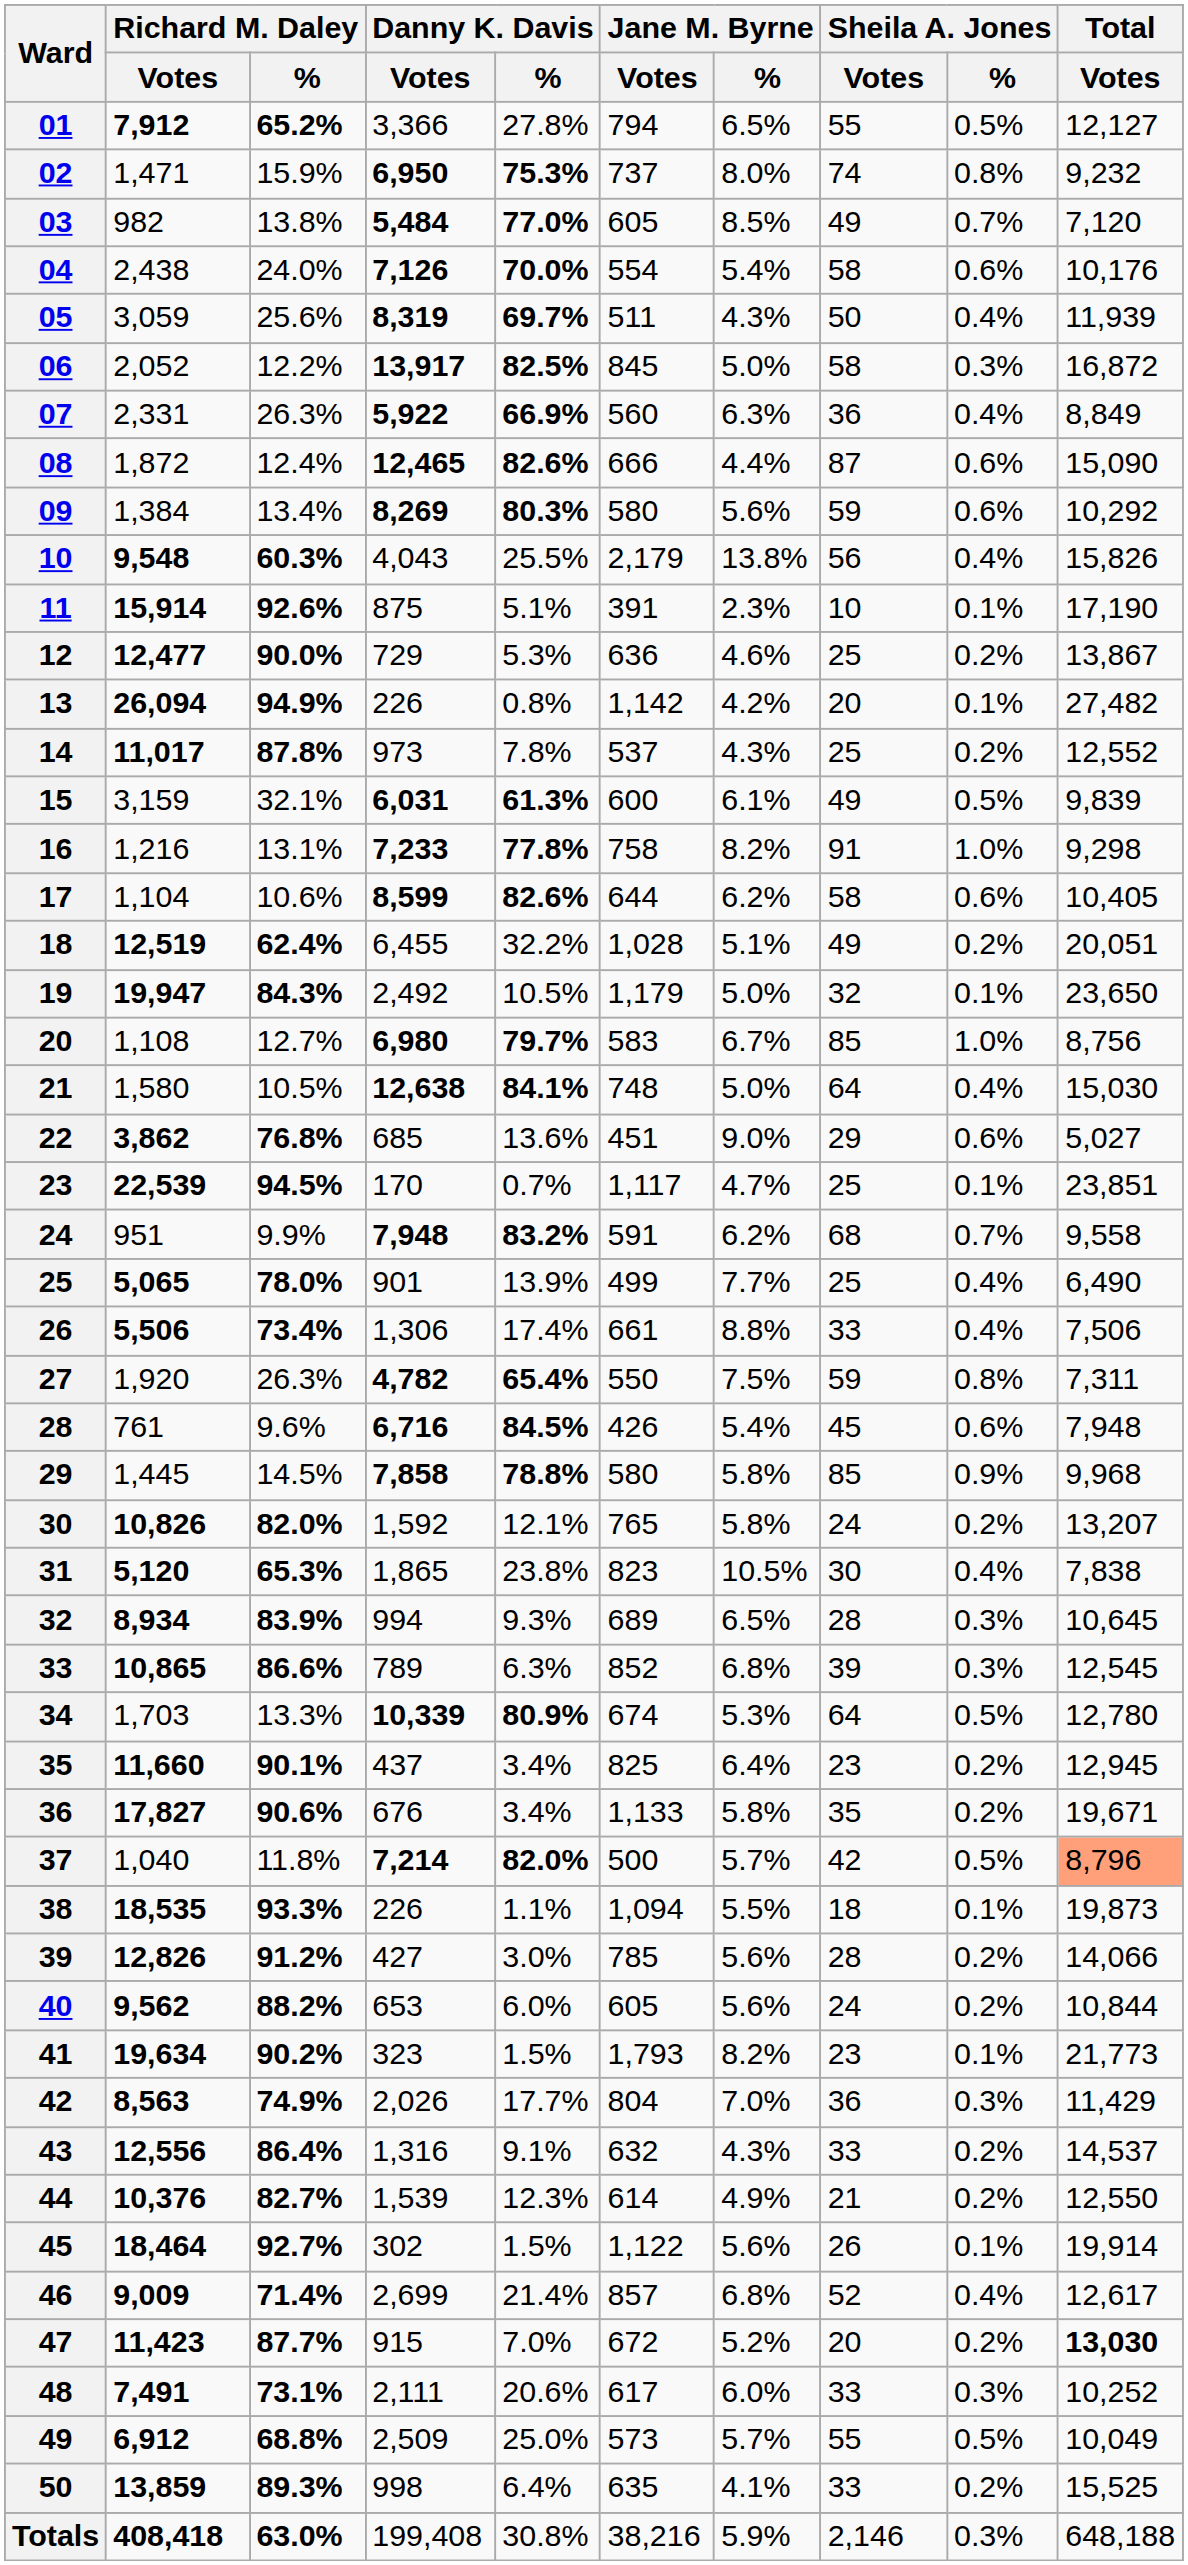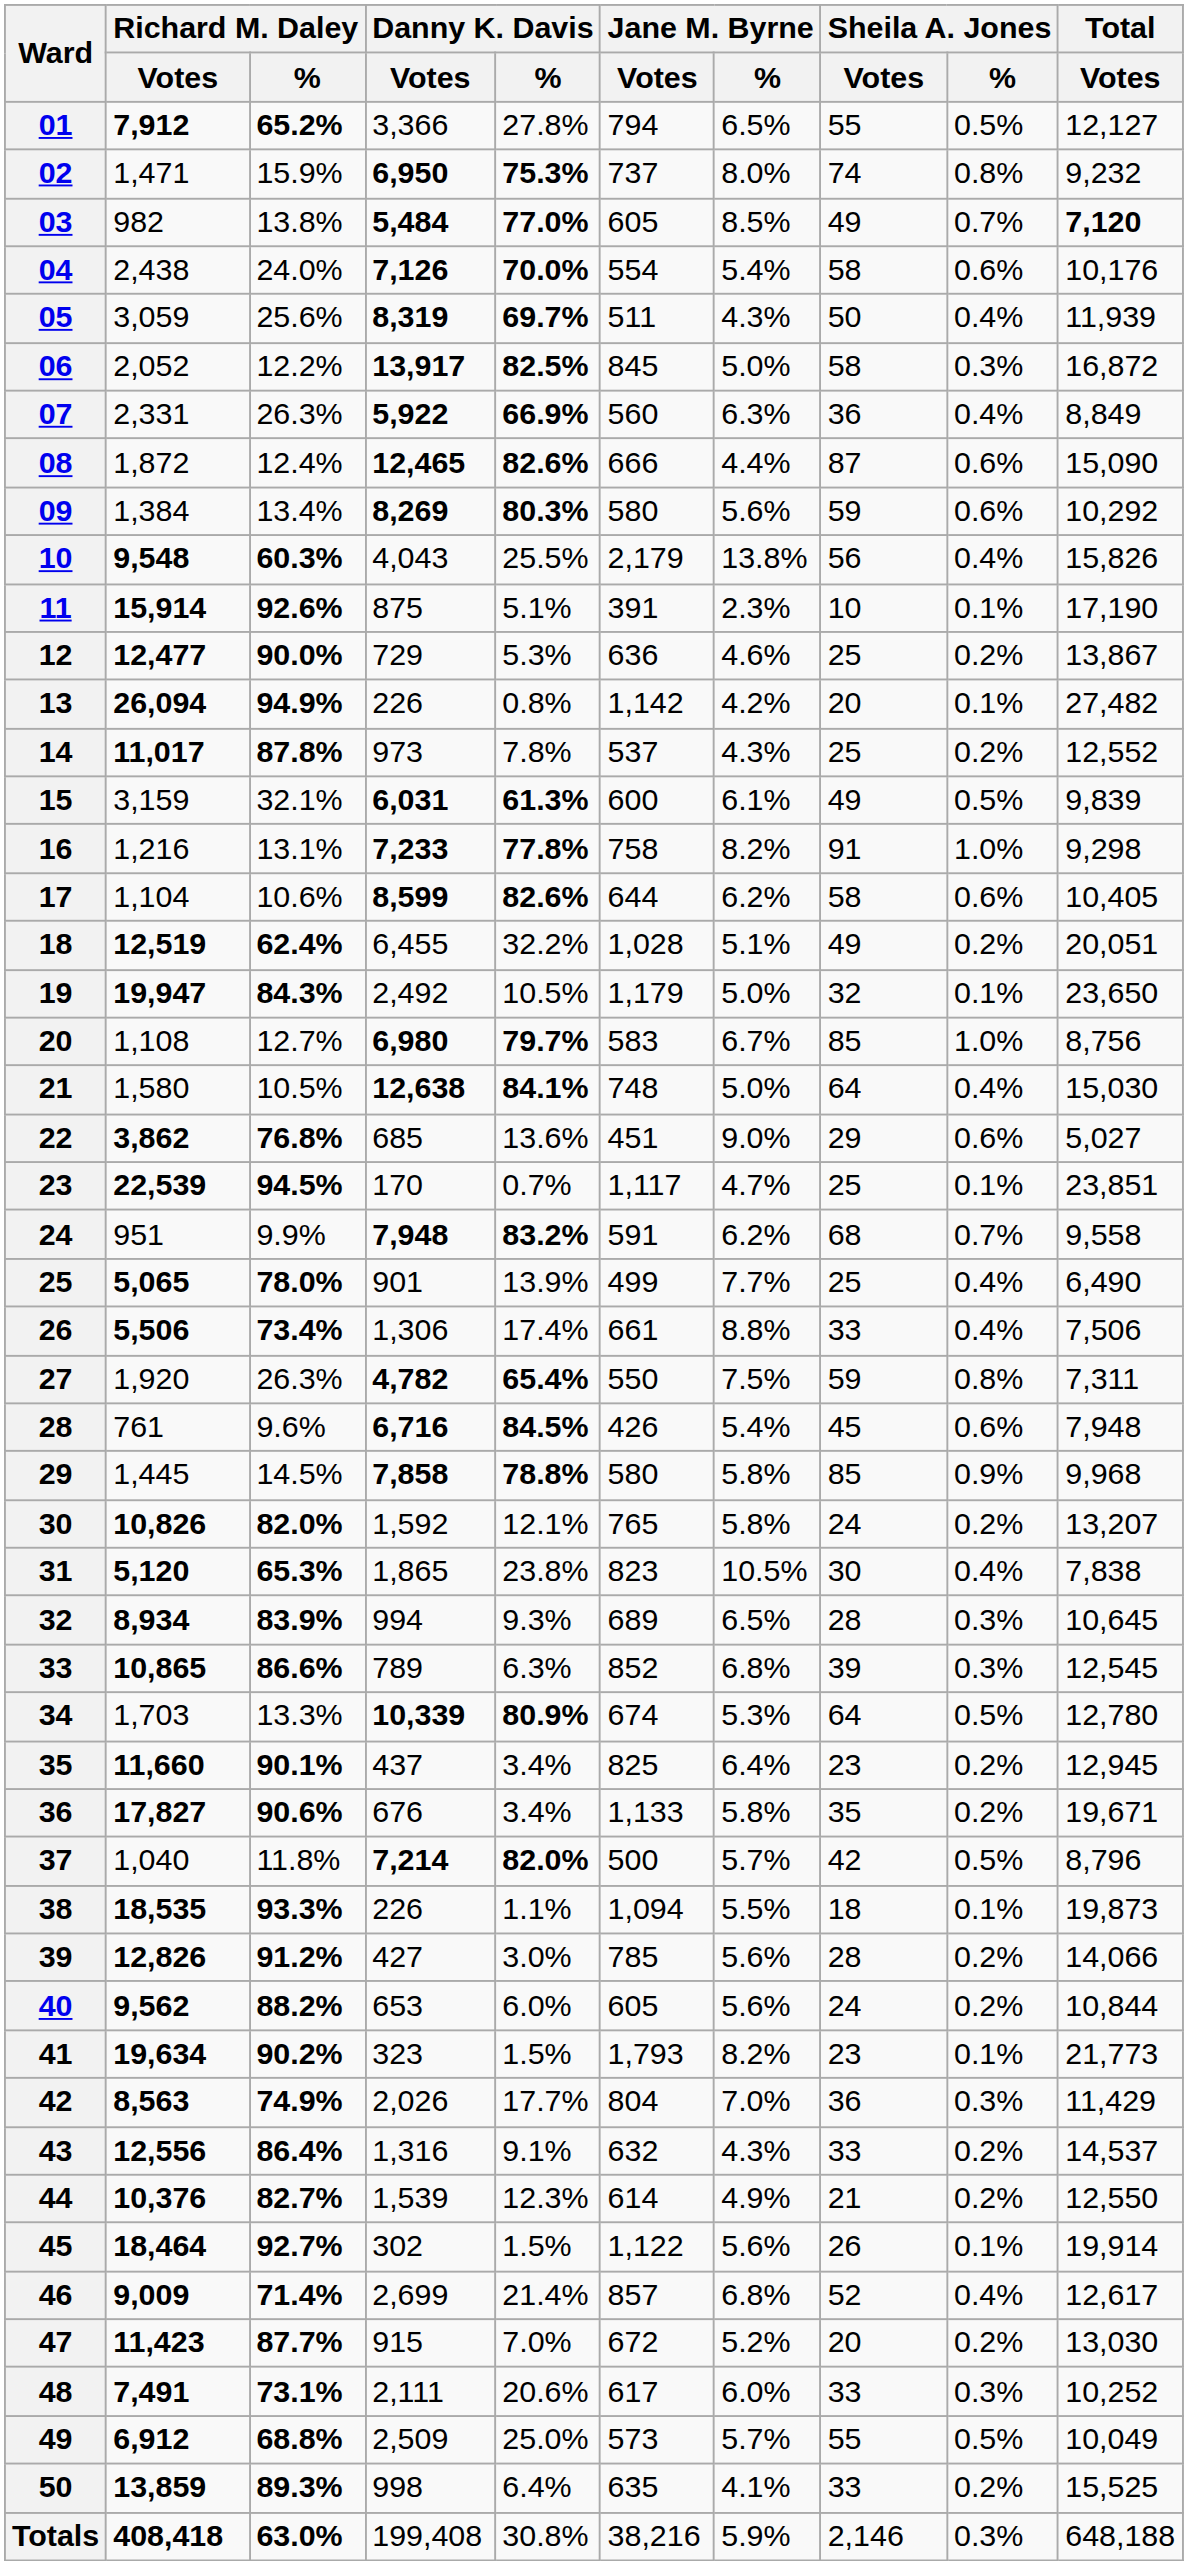 <table class="wikitable collapsible collapsed sortable">
 <tr>
 <th rowspan=2>Ward</th>
 <th colspan=2>Richard M. Daley</th>
 <th colspan=2>Danny K. Davis</th>
 <th colspan=2>Jane M. Byrne</th>
 <th colspan=2>Sheila A. Jones</th>
 <th>Total</th>
 </tr>
 <tr>
 <th>Votes</th>
 <th>%</th>
 <th>Votes</th>
 <th>%</th>
 <th>Votes</th>
 <th>%</th>
 <th>Votes</th>
 <th>%</th>
 <th>Votes</th>
 </tr>
 <tr>
 <th><a href='#'>01</a></th>
 <td><strong>7,912</strong></td>
 <td><strong>65.2%</strong></td>
 <td>3,366</td>
 <td>27.8%</td>
 <td>794</td>
 <td>6.5%</td>
 <td>55</td>
 <td>0.5%</td>
 <td>12,127</td>
 </tr>
 <tr>
 <th><a href='#'>02</a></th>
 <td>1,471</td>
 <td>15.9%</td>
 <td><strong>6,950</strong></td>
 <td><strong>75.3%</strong></td>
 <td>737</td>
 <td>8.0%</td>
 <td>74</td>
 <td>0.8%</td>
 <td>9,232</td>
 </tr>
 <tr>
 <th><a href='#'>03</a></th>
 <td>982</td>
 <td>13.8%</td>
 <td><strong>5,484</strong></td>
 <td><strong>77.0%</strong></td>
 <td>605</td>
 <td>8.5%</td>
 <td>49</td>
 <td>0.7%</td>
-<td>7,120</td>
+<td><strong>7,120</strong></td>
 </tr>
 <tr>
 <th><a href='#'>04</a></th>
 <td>2,438</td>
 <td>24.0%</td>
 <td><strong>7,126</strong></td>
 <td><strong>70.0%</strong></td>
 <td>554</td>
 <td>5.4%</td>
 <td>58</td>
 <td>0.6%</td>
 <td>10,176</td>
 </tr>
 <tr>
 <th><a href='#'>05</a></th>
 <td>3,059</td>
 <td>25.6%</td>
 <td><strong>8,319</strong></td>
 <td><strong>69.7%</strong></td>
 <td>511</td>
 <td>4.3%</td>
 <td>50</td>
 <td>0.4%</td>
 <td>11,939</td>
 </tr>
 <tr>
 <th><a href='#'>06</a></th>
 <td>2,052</td>
 <td>12.2%</td>
 <td><strong>13,917</strong></td>
 <td><strong>82.5%</strong></td>
 <td>845</td>
 <td>5.0%</td>
 <td>58</td>
 <td>0.3%</td>
 <td>16,872</td>
 </tr>
 <tr>
 <th><a href='#'>07</a></th>
 <td>2,331</td>
 <td>26.3%</td>
 <td><strong>5,922</strong></td>
 <td><strong>66.9%</strong></td>
 <td>560</td>
 <td>6.3%</td>
 <td>36</td>
 <td>0.4%</td>
 <td>8,849</td>
 </tr>
 <tr>
 <th><a href='#'>08</a></th>
 <td>1,872</td>
 <td>12.4%</td>
 <td><strong>12,465</strong></td>
 <td><strong>82.6%</strong></td>
 <td>666</td>
 <td>4.4%</td>
 <td>87</td>
 <td>0.6%</td>
 <td>15,090</td>
 </tr>
 <tr>
 <th><a href='#'>09</a></th>
 <td>1,384</td>
 <td>13.4%</td>
 <td><strong>8,269</strong></td>
 <td><strong>80.3%</strong></td>
 <td>580</td>
 <td>5.6%</td>
 <td>59</td>
 <td>0.6%</td>
 <td>10,292</td>
 </tr>
 <tr>
 <th><a href='#'>10</a></th>
 <td><strong>9,548</strong></td>
 <td><strong>60.3%</strong></td>
 <td>4,043</td>
 <td>25.5%</td>
 <td>2,179</td>
 <td>13.8%</td>
 <td>56</td>
 <td>0.4%</td>
 <td>15,826</td>
 </tr>
 <tr>
 <th><a href='#'>11</a></th>
 <td><strong>15,914</strong></td>
 <td><strong>92.6%</strong></td>
 <td>875</td>
 <td>5.1%</td>
 <td>391</td>
 <td>2.3%</td>
 <td>10</td>
 <td>0.1%</td>
 <td>17,190</td>
 </tr>
 <tr>
 <th>12</th>
 <td><strong>12,477</strong></td>
 <td><strong>90.0%</strong></td>
 <td>729</td>
 <td>5.3%</td>
 <td>636</td>
 <td>4.6%</td>
 <td>25</td>
 <td>0.2%</td>
 <td>13,867</td>
 </tr>
 <tr>
 <th>13</th>
 <td><strong>26,094</strong></td>
 <td><strong>94.9%</strong></td>
 <td>226</td>
 <td>0.8%</td>
 <td>1,142</td>
 <td>4.2%</td>
 <td>20</td>
 <td>0.1%</td>
 <td>27,482</td>
 </tr>
 <tr>
 <th>14</th>
 <td><strong>11,017</strong></td>
 <td><strong>87.8%</strong></td>
 <td>973</td>
 <td>7.8%</td>
 <td>537</td>
 <td>4.3%</td>
 <td>25</td>
 <td>0.2%</td>
 <td>12,552</td>
 </tr>
 <tr>
 <th>15</th>
 <td>3,159</td>
 <td>32.1%</td>
 <td><strong>6,031</strong></td>
 <td><strong>61.3%</strong></td>
 <td>600</td>
 <td>6.1%</td>
 <td>49</td>
 <td>0.5%</td>
 <td>9,839</td>
 </tr>
 <tr>
 <th>16</th>
 <td>1,216</td>
 <td>13.1%</td>
 <td><strong>7,233</strong></td>
 <td><strong>77.8%</strong></td>
 <td>758</td>
 <td>8.2%</td>
 <td>91</td>
 <td>1.0%</td>
 <td>9,298</td>
 </tr>
 <tr>
 <th>17</th>
 <td>1,104</td>
 <td>10.6%</td>
 <td><strong>8,599</strong></td>
 <td><strong>82.6%</strong></td>
 <td>644</td>
 <td>6.2%</td>
 <td>58</td>
 <td>0.6%</td>
 <td>10,405</td>
 </tr>
 <tr>
 <th>18</th>
 <td><strong>12,519</strong></td>
 <td><strong>62.4%</strong></td>
 <td>6,455</td>
 <td>32.2%</td>
 <td>1,028</td>
 <td>5.1%</td>
 <td>49</td>
 <td>0.2%</td>
 <td>20,051</td>
 </tr>
 <tr>
 <th>19</th>
 <td><strong>19,947</strong></td>
 <td><strong>84.3%</strong></td>
 <td>2,492</td>
 <td>10.5%</td>
 <td>1,179</td>
 <td>5.0%</td>
 <td>32</td>
 <td>0.1%</td>
 <td>23,650</td>
 </tr>
 <tr>
 <th>20</th>
 <td>1,108</td>
 <td>12.7%</td>
 <td><strong>6,980</strong></td>
 <td><strong>79.7%</strong></td>
 <td>583</td>
 <td>6.7%</td>
 <td>85</td>
 <td>1.0%</td>
 <td>8,756</td>
 </tr>
 <tr>
 <th>21</th>
 <td>1,580</td>
 <td>10.5%</td>
 <td><strong>12,638</strong></td>
 <td><strong>84.1%</strong></td>
 <td>748</td>
 <td>5.0%</td>
 <td>64</td>
 <td>0.4%</td>
 <td>15,030</td>
 </tr>
 <tr>
 <th>22</th>
 <td><strong>3,862</strong></td>
 <td><strong>76.8%</strong></td>
 <td>685</td>
 <td>13.6%</td>
 <td>451</td>
 <td>9.0%</td>
 <td>29</td>
 <td>0.6%</td>
 <td>5,027</td>
 </tr>
 <tr>
 <th>23</th>
 <td><strong>22,539</strong></td>
 <td><strong>94.5%</strong></td>
 <td>170</td>
 <td>0.7%</td>
 <td>1,117</td>
 <td>4.7%</td>
 <td>25</td>
 <td>0.1%</td>
 <td>23,851</td>
 </tr>
 <tr>
 <th>24</th>
 <td>951</td>
 <td>9.9%</td>
 <td><strong>7,948</strong></td>
 <td><strong>83.2%</strong></td>
 <td>591</td>
 <td>6.2%</td>
 <td>68</td>
 <td>0.7%</td>
 <td>9,558</td>
 </tr>
 <tr>
 <th>25</th>
 <td><strong>5,065</strong></td>
 <td><strong>78.0%</strong></td>
 <td>901</td>
 <td>13.9%</td>
 <td>499</td>
 <td>7.7%</td>
 <td>25</td>
 <td>0.4%</td>
 <td>6,490</td>
 </tr>
 <tr>
 <th>26</th>
 <td><strong>5,506</strong></td>
 <td><strong>73.4%</strong></td>
 <td>1,306</td>
 <td>17.4%</td>
 <td>661</td>
 <td>8.8%</td>
 <td>33</td>
 <td>0.4%</td>
 <td>7,506</td>
 </tr>
 <tr>
 <th>27</th>
 <td>1,920</td>
 <td>26.3%</td>
 <td><strong>4,782</strong></td>
 <td><strong>65.4%</strong></td>
 <td>550</td>
 <td>7.5%</td>
 <td>59</td>
 <td>0.8%</td>
 <td>7,311</td>
 </tr>
 <tr>
 <th>28</th>
 <td>761</td>
 <td>9.6%</td>
 <td><strong>6,716</strong></td>
 <td><strong>84.5%</strong></td>
 <td>426</td>
 <td>5.4%</td>
 <td>45</td>
 <td>0.6%</td>
 <td>7,948</td>
 </tr>
 <tr>
 <th>29</th>
 <td>1,445</td>
 <td>14.5%</td>
 <td><strong>7,858</strong></td>
 <td><strong>78.8%</strong></td>
 <td>580</td>
 <td>5.8%</td>
 <td>85</td>
 <td>0.9%</td>
 <td>9,968</td>
 </tr>
 <tr>
 <th>30</th>
 <td><strong>10,826</strong></td>
 <td><strong>82.0%</strong></td>
 <td>1,592</td>
 <td>12.1%</td>
 <td>765</td>
 <td>5.8%</td>
 <td>24</td>
 <td>0.2%</td>
 <td>13,207</td>
 </tr>
 <tr>
 <th>31</th>
 <td><strong>5,120</strong></td>
 <td><strong>65.3%</strong></td>
 <td>1,865</td>
 <td>23.8%</td>
 <td>823</td>
 <td>10.5%</td>
 <td>30</td>
 <td>0.4%</td>
 <td>7,838</td>
 </tr>
 <tr>
 <th>32</th>
 <td><strong>8,934</strong></td>
 <td><strong>83.9%</strong></td>
 <td>994</td>
 <td>9.3%</td>
 <td>689</td>
 <td>6.5%</td>
 <td>28</td>
 <td>0.3%</td>
 <td>10,645</td>
 </tr>
 <tr>
 <th>33</th>
 <td><strong>10,865</strong></td>
 <td><strong>86.6%</strong></td>
 <td>789</td>
 <td>6.3%</td>
 <td>852</td>
 <td>6.8%</td>
 <td>39</td>
 <td>0.3%</td>
 <td>12,545</td>
 </tr>
 <tr>
 <th>34</th>
 <td>1,703</td>
 <td>13.3%</td>
 <td><strong>10,339</strong></td>
 <td><strong>80.9%</strong></td>
 <td>674</td>
 <td>5.3%</td>
 <td>64</td>
 <td>0.5%</td>
 <td>12,780</td>
 </tr>
 <tr>
 <th>35</th>
 <td><strong>11,660</strong></td>
 <td><strong>90.1%</strong></td>
 <td>437</td>
 <td>3.4%</td>
 <td>825</td>
 <td>6.4%</td>
 <td>23</td>
 <td>0.2%</td>
 <td>12,945</td>
 </tr>
 <tr>
 <th>36</th>
 <td><strong>17,827</strong></td>
 <td><strong>90.6%</strong></td>
 <td>676</td>
 <td>3.4%</td>
 <td>1,133</td>
 <td>5.8%</td>
 <td>35</td>
 <td>0.2%</td>
 <td>19,671</td>
 </tr>
 <tr>
 <th>37</th>
 <td>1,040</td>
 <td>11.8%</td>
 <td><strong>7,214</strong></td>
 <td><strong>82.0%</strong></td>
 <td>500</td>
 <td>5.7%</td>
 <td>42</td>
 <td>0.5%</td>
-<td style="background: lightsalmon;">8,796</td>
+<td>8,796</td>
 </tr>
 <tr>
 <th>38</th>
 <td><strong>18,535</strong></td>
 <td><strong>93.3%</strong></td>
 <td>226</td>
 <td>1.1%</td>
 <td>1,094</td>
 <td>5.5%</td>
 <td>18</td>
 <td>0.1%</td>
 <td>19,873</td>
 </tr>
 <tr>
 <th>39</th>
 <td><strong>12,826</strong></td>
 <td><strong>91.2%</strong></td>
 <td>427</td>
 <td>3.0%</td>
 <td>785</td>
 <td>5.6%</td>
 <td>28</td>
 <td>0.2%</td>
 <td>14,066</td>
 </tr>
 <tr>
 <th><a href='#'>40</a></th>
 <td><strong>9,562</strong></td>
 <td><strong>88.2%</strong></td>
 <td>653</td>
 <td>6.0%</td>
 <td>605</td>
 <td>5.6%</td>
 <td>24</td>
 <td>0.2%</td>
 <td>10,844</td>
 </tr>
 <tr>
 <th>41</th>
 <td><strong>19,634</strong></td>
 <td><strong>90.2%</strong></td>
 <td>323</td>
 <td>1.5%</td>
 <td>1,793</td>
 <td>8.2%</td>
 <td>23</td>
 <td>0.1%</td>
 <td>21,773</td>
 </tr>
 <tr>
 <th>42</th>
 <td><strong>8,563</strong></td>
 <td><strong>74.9%</strong></td>
 <td>2,026</td>
 <td>17.7%</td>
 <td>804</td>
 <td>7.0%</td>
 <td>36</td>
 <td>0.3%</td>
 <td>11,429</td>
 </tr>
 <tr>
 <th>43</th>
 <td><strong>12,556</strong></td>
 <td><strong>86.4%</strong></td>
 <td>1,316</td>
 <td>9.1%</td>
 <td>632</td>
 <td>4.3%</td>
 <td>33</td>
 <td>0.2%</td>
 <td>14,537</td>
 </tr>
 <tr>
 <th>44</th>
 <td><strong>10,376</strong></td>
 <td><strong>82.7%</strong></td>
 <td>1,539</td>
 <td>12.3%</td>
 <td>614</td>
 <td>4.9%</td>
 <td>21</td>
 <td>0.2%</td>
 <td>12,550</td>
 </tr>
 <tr>
 <th>45</th>
 <td><strong>18,464</strong></td>
 <td><strong>92.7%</strong></td>
 <td>302</td>
 <td>1.5%</td>
 <td>1,122</td>
 <td>5.6%</td>
 <td>26</td>
 <td>0.1%</td>
 <td>19,914</td>
 </tr>
 <tr>
 <th>46</th>
 <td><strong>9,009</strong></td>
 <td><strong>71.4%</strong></td>
 <td>2,699</td>
 <td>21.4%</td>
 <td>857</td>
 <td>6.8%</td>
 <td>52</td>
 <td>0.4%</td>
 <td>12,617</td>
 </tr>
 <tr>
 <th>47</th>
 <td><strong>11,423</strong></td>
 <td><strong>87.7%</strong></td>
 <td>915</td>
 <td>7.0%</td>
 <td>672</td>
 <td>5.2%</td>
 <td>20</td>
 <td>0.2%</td>
-<td><strong>13,030</strong></td>
+<td>13,030</td>
 </tr>
 <tr>
 <th>48</th>
 <td><strong>7,491</strong></td>
 <td><strong>73.1%</strong></td>
 <td>2,111</td>
 <td>20.6%</td>
 <td>617</td>
 <td>6.0%</td>
 <td>33</td>
 <td>0.3%</td>
 <td>10,252</td>
 </tr>
 <tr>
 <th>49</th>
 <td><strong>6,912</strong></td>
 <td><strong>68.8%</strong></td>
 <td>2,509</td>
 <td>25.0%</td>
 <td>573</td>
 <td>5.7%</td>
 <td>55</td>
 <td>0.5%</td>
 <td>10,049</td>
 </tr>
 <tr>
 <th>50</th>
 <td><strong>13,859</strong></td>
 <td><strong>89.3%</strong></td>
 <td>998</td>
 <td>6.4%</td>
 <td>635</td>
 <td>4.1%</td>
 <td>33</td>
 <td>0.2%</td>
 <td>15,525</td>
 </tr>
 <tr>
 <th>Totals</th>
 <td><strong>408,418</strong></td>
 <td><strong>63.0%</strong></td>
 <td>199,408</td>
 <td>30.8%</td>
 <td>38,216</td>
 <td>5.9%</td>
 <td>2,146</td>
 <td>0.3%</td>
 <td>648,188</td>
 </tr>
 </table>
